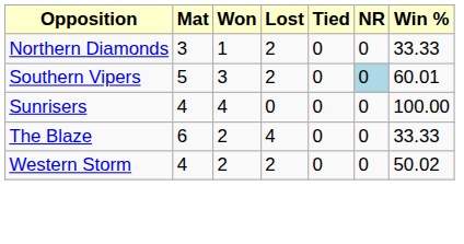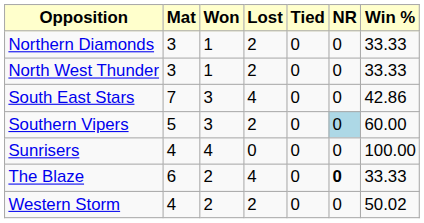 <table class="wikitable sortable">
 <tr>
 <th style="background:#ffc;">Opposition</th>
 <th style="background:#ffc;">Mat</th>
 <th style="background:#ffc;">Won</th>
 <th style="background:#ffc;">Lost</th>
 <th style="background:#ffc;">Tied</th>
 <th style="background:#ffc;">NR</th>
 <th style="background:#ffc;">Win %</th>
 </tr>
 <tr>
 <td><a href='#'>Northern Diamonds</a></td>
 <td>3</td>
 <td>1</td>
 <td>2</td>
 <td>0</td>
 <td>0</td>
 <td>33.33</td>
 </tr>
 <tr>
+<td><a href='#'>North West Thunder</a></td>
+<td>3</td>
+<td>1</td>
+<td>2</td>
+<td>0</td>
+<td>0</td>
+<td>33.33</td>
+</tr>
+<tr>
+<td><a href='#'>South East Stars</a></td>
+<td>7</td>
+<td>3</td>
+<td>4</td>
+<td>0</td>
+<td>0</td>
+<td>42.86</td>
+</tr>
+<tr>
 <td><a href='#'>Southern Vipers</a></td>
 <td>5</td>
 <td>3</td>
 <td>2</td>
 <td>0</td>
 <td style="background: lightblue;">0</td>
-<td>60.01</td>
+<td>60.00</td>
 </tr>
 <tr>
 <td><a href='#'>Sunrisers</a></td>
 <td>4</td>
 <td>4</td>
 <td>0</td>
 <td>0</td>
 <td>0</td>
 <td>100.00</td>
 </tr>
 <tr>
 <td><a href='#'>The Blaze</a></td>
 <td>6</td>
 <td>2</td>
 <td>4</td>
 <td>0</td>
-<td>0</td>
+<td><strong>0</strong></td>
 <td>33.33</td>
 </tr>
 <tr>
 <td><a href='#'>Western Storm</a></td>
 <td>4</td>
 <td>2</td>
 <td>2</td>
 <td>0</td>
 <td>0</td>
 <td>50.02</td>
 </tr>
 </table>
